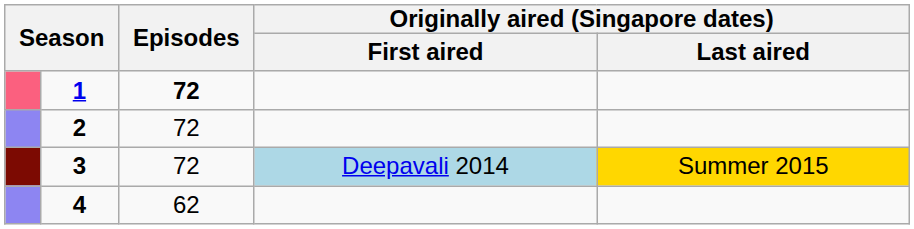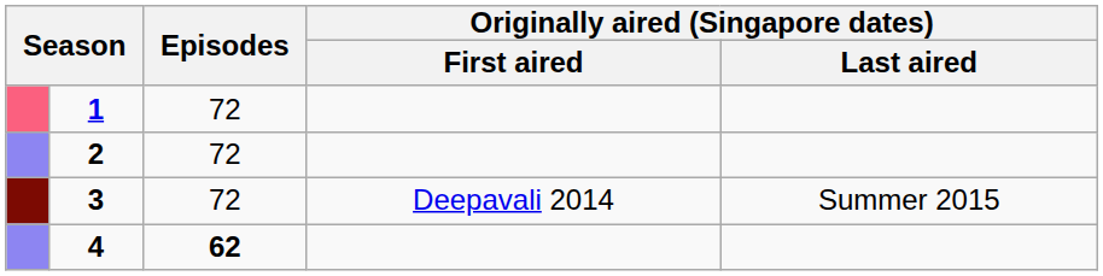 <table class="wikitable plainrowheaders" style="text-align:center;">
 <tr>
 <th style="padding:0 9px;" rowspan="2" colspan="2">Season</th>
 <th style="padding:0 9px;" rowspan="2">Episodes</th>
 <th style="padding:0 90px;" colspan="2">Originally aired (Singapore dates)</th>
 </tr>
 <tr>
 <th>First aired</th>
 <th>Last aired</th>
 </tr>
 <tr>
 <td scope="row" style="background:#FB607F; color:#100;"></td>
 <td><strong><a href='#'>1</a></strong></td>
-<td><strong>72</strong></td>
+<td>72</td>
 <td></td>
 <td></td>
 </tr>
 <tr>
 <td scope="row" style="background:#8d85f2; color:#100;"></td>
 <td><strong>2</strong></td>
 <td>72</td>
 <td></td>
 <td></td>
 </tr>
 <tr>
 <td style="background:#7C0A02; color:white;"></td>
 <td><strong>3</strong></td>
 <td>72</td>
-<td style="background: lightblue;"><a href='#'>Deepavali</a> 2014</td>
-<td style="background: gold;">Summer 2015</td>
+<td><a href='#'>Deepavali</a> 2014</td>
+<td>Summer 2015</td>
 </tr>
 <tr>
 <td scope="row" style="background:#8d85f2; color:#100;"></td>
 <td><strong>4</strong></td>
-<td>62</td>
+<td><strong>62</strong></td>
 <td></td>
 <td></td>
 </tr>
 </table>
